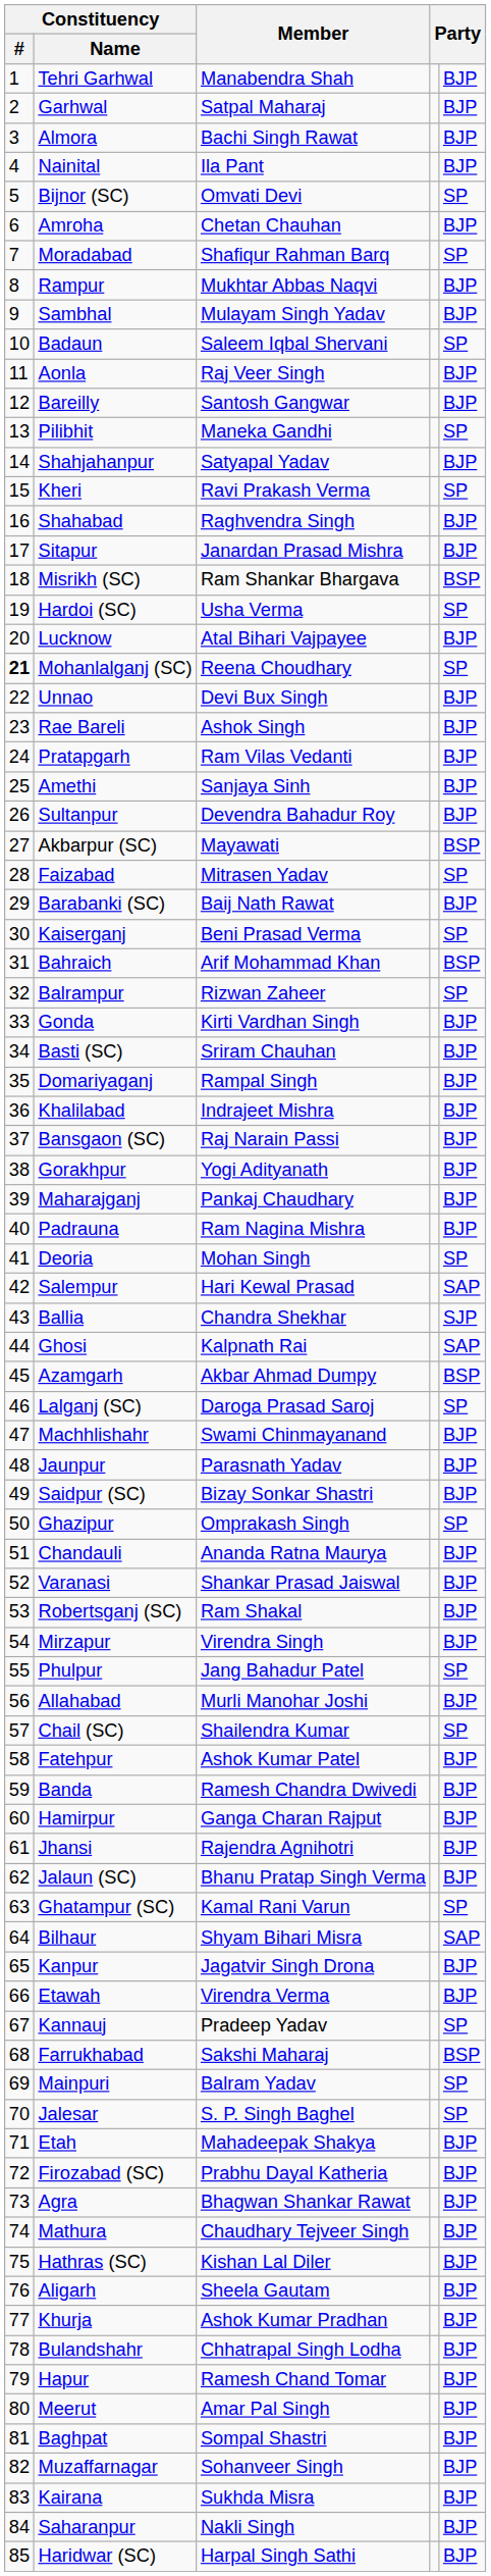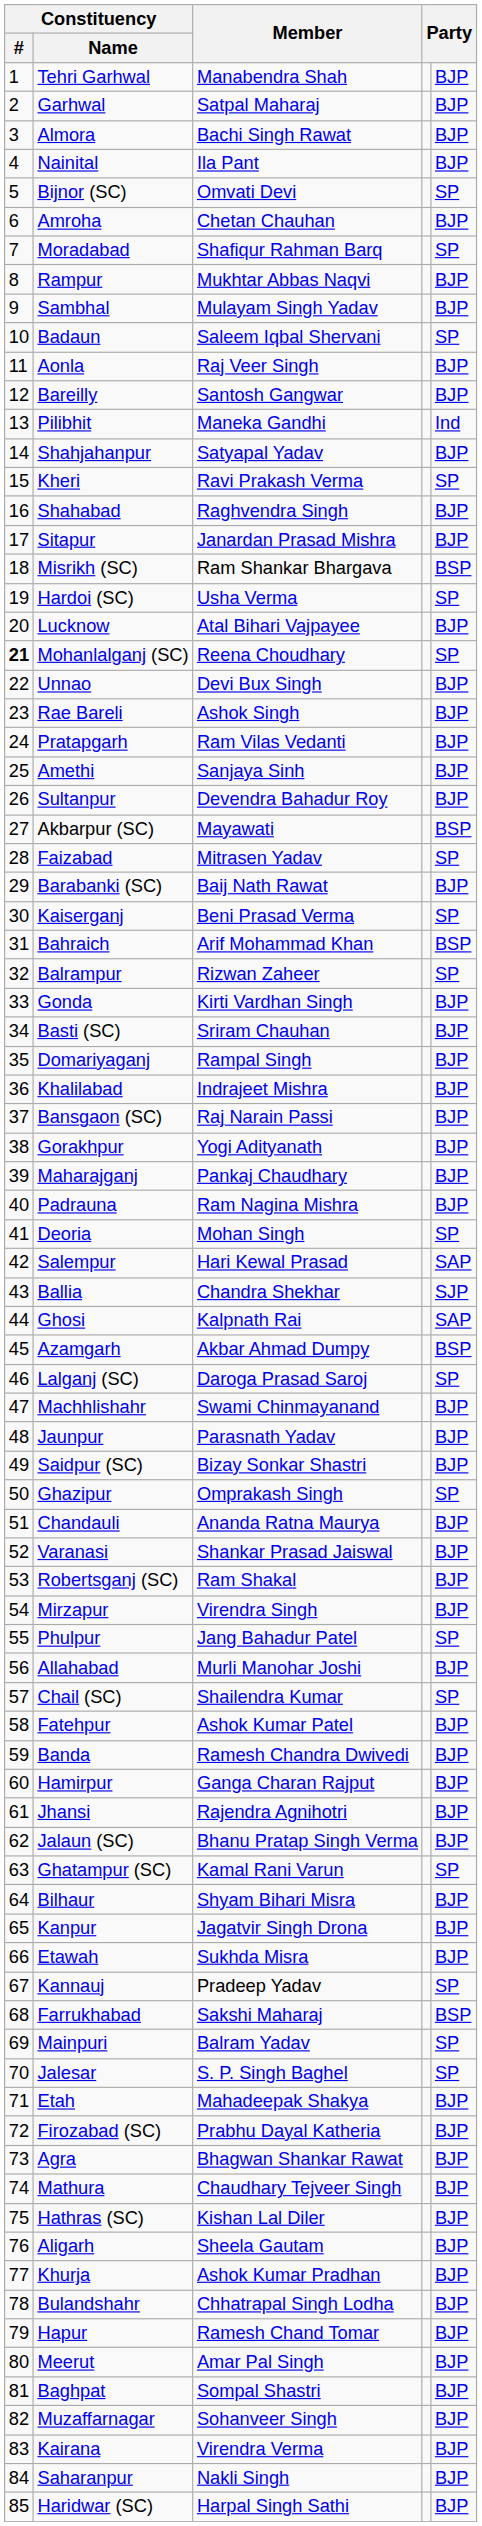 <table class="wikitable sortable">
 <tr>
 <th colspan="2">Constituency</th>
 <th rowspan="2">Member</th>
 <th colspan="2" rowspan="2">Party</th>
 </tr>
 <tr>
 <th>#</th>
 <th>Name</th>
 </tr>
 <tr>
 <td>1</td>
 <td><a href='#'>Tehri Garhwal</a></td>
 <td><a href='#'>Manabendra Shah</a></td>
 <td style="background-color: "></td>
 <td><a href='#'>BJP</a></td>
 </tr>
 <tr>
 <td>2</td>
 <td><a href='#'>Garhwal</a></td>
 <td><a href='#'>Satpal Maharaj</a></td>
 <td style="background-color: "></td>
 <td><a href='#'>BJP</a></td>
 </tr>
 <tr>
 <td>3</td>
 <td><a href='#'>Almora</a></td>
 <td><a href='#'>Bachi Singh Rawat</a></td>
 <td style="background-color: "></td>
 <td><a href='#'>BJP</a></td>
 </tr>
 <tr>
 <td>4</td>
 <td><a href='#'>Nainital</a></td>
 <td><a href='#'>Ila Pant</a></td>
 <td style="background-color: "></td>
 <td><a href='#'>BJP</a></td>
 </tr>
 <tr>
 <td>5</td>
 <td><a href='#'>Bijnor</a> (SC)</td>
 <td><a href='#'>Omvati Devi</a></td>
 <td style="background-color: "></td>
 <td><a href='#'>SP</a></td>
 </tr>
 <tr>
 <td>6</td>
 <td><a href='#'>Amroha</a></td>
 <td><a href='#'>Chetan Chauhan</a></td>
 <td style="background-color: "></td>
 <td><a href='#'>BJP</a></td>
 </tr>
 <tr>
 <td>7</td>
 <td><a href='#'>Moradabad</a></td>
 <td><a href='#'>Shafiqur Rahman Barq</a></td>
 <td style="background-color: "></td>
 <td><a href='#'>SP</a></td>
 </tr>
 <tr>
 <td>8</td>
 <td><a href='#'>Rampur</a></td>
 <td><a href='#'>Mukhtar Abbas Naqvi</a></td>
 <td style="background-color: "></td>
 <td><a href='#'>BJP</a></td>
 </tr>
 <tr>
 <td>9</td>
 <td><a href='#'>Sambhal</a></td>
 <td><a href='#'>Mulayam Singh Yadav</a></td>
 <td style="background-color: "></td>
 <td><a href='#'>BJP</a></td>
 </tr>
 <tr>
 <td>10</td>
 <td><a href='#'>Badaun</a></td>
 <td><a href='#'>Saleem Iqbal Shervani</a></td>
 <td style="background-color: "></td>
 <td><a href='#'>SP</a></td>
 </tr>
 <tr>
 <td>11</td>
 <td><a href='#'>Aonla</a></td>
 <td><a href='#'>Raj Veer Singh</a></td>
 <td style="background-color: "></td>
 <td><a href='#'>BJP</a></td>
 </tr>
 <tr>
 <td>12</td>
 <td><a href='#'>Bareilly</a></td>
 <td><a href='#'>Santosh Gangwar</a></td>
 <td style="background-color: "></td>
 <td><a href='#'>BJP</a></td>
 </tr>
 <tr>
 <td>13</td>
 <td><a href='#'>Pilibhit</a></td>
 <td><a href='#'>Maneka Gandhi</a></td>
 <td style="background-color: "></td>
-<td><a href='#'>SP</a></td>
+<td><a href='#'>Ind</a></td>
 </tr>
 <tr>
 <td>14</td>
 <td><a href='#'>Shahjahanpur</a></td>
 <td><a href='#'>Satyapal Yadav</a></td>
 <td style="background-color: "></td>
 <td><a href='#'>BJP</a></td>
 </tr>
 <tr>
 <td>15</td>
 <td><a href='#'>Kheri</a></td>
 <td><a href='#'>Ravi Prakash Verma</a></td>
 <td style="background-color: "></td>
 <td><a href='#'>SP</a></td>
 </tr>
 <tr>
 <td>16</td>
 <td><a href='#'>Shahabad</a></td>
 <td><a href='#'>Raghvendra Singh</a></td>
 <td style="background-color: "></td>
 <td><a href='#'>BJP</a></td>
 </tr>
 <tr>
 <td>17</td>
 <td><a href='#'>Sitapur</a></td>
 <td><a href='#'>Janardan Prasad Mishra</a></td>
 <td style="background-color: "></td>
 <td><a href='#'>BJP</a></td>
 </tr>
 <tr>
 <td>18</td>
 <td><a href='#'>Misrikh</a> (SC)</td>
 <td>Ram Shankar Bhargava</td>
 <td style="background-color: "></td>
 <td><a href='#'>BSP</a></td>
 </tr>
 <tr>
 <td>19</td>
 <td><a href='#'>Hardoi</a> (SC)</td>
 <td><a href='#'>Usha Verma</a></td>
 <td style="background-color: "></td>
 <td><a href='#'>SP</a></td>
 </tr>
 <tr>
 <td>20</td>
 <td><a href='#'>Lucknow</a></td>
 <td><a href='#'>Atal Bihari Vajpayee</a></td>
 <td style="background-color: "></td>
 <td><a href='#'>BJP</a></td>
 </tr>
 <tr>
 <td><strong>21</strong></td>
 <td><a href='#'>Mohanlalganj</a> (SC)</td>
 <td><a href='#'>Reena Choudhary</a></td>
 <td style="background-color: "></td>
 <td><a href='#'>SP</a></td>
 </tr>
 <tr>
 <td>22</td>
 <td><a href='#'>Unnao</a></td>
 <td><a href='#'>Devi Bux Singh</a></td>
 <td style="background-color: "></td>
 <td><a href='#'>BJP</a></td>
 </tr>
 <tr>
 <td>23</td>
 <td><a href='#'>Rae Bareli</a></td>
 <td><a href='#'>Ashok Singh</a></td>
 <td style="background-color: "></td>
 <td><a href='#'>BJP</a></td>
 </tr>
 <tr>
 <td>24</td>
 <td><a href='#'>Pratapgarh</a></td>
 <td><a href='#'>Ram Vilas Vedanti</a></td>
 <td style="background-color: "></td>
 <td><a href='#'>BJP</a></td>
 </tr>
 <tr>
 <td>25</td>
 <td><a href='#'>Amethi</a></td>
 <td><a href='#'>Sanjaya Sinh</a></td>
 <td style="background-color: "></td>
 <td><a href='#'>BJP</a></td>
 </tr>
 <tr>
 <td>26</td>
 <td><a href='#'>Sultanpur</a></td>
 <td><a href='#'>Devendra Bahadur Roy</a></td>
 <td style="background-color: "></td>
 <td><a href='#'>BJP</a></td>
 </tr>
 <tr>
 <td>27</td>
 <td>Akbarpur (SC)</td>
 <td><a href='#'>Mayawati</a></td>
 <td style="background-color: "></td>
 <td><a href='#'>BSP</a></td>
 </tr>
 <tr>
 <td>28</td>
 <td><a href='#'>Faizabad</a></td>
 <td><a href='#'>Mitrasen Yadav</a></td>
 <td style="background-color: "></td>
 <td><a href='#'>SP</a></td>
 </tr>
 <tr>
 <td>29</td>
 <td><a href='#'>Barabanki</a> (SC)</td>
 <td><a href='#'>Baij Nath Rawat</a></td>
 <td style="background-color: "></td>
 <td><a href='#'>BJP</a></td>
 </tr>
 <tr>
 <td>30</td>
 <td><a href='#'>Kaiserganj</a></td>
 <td><a href='#'>Beni Prasad Verma</a></td>
 <td style="background-color: "></td>
 <td><a href='#'>SP</a></td>
 </tr>
 <tr>
 <td>31</td>
 <td><a href='#'>Bahraich</a></td>
 <td><a href='#'>Arif Mohammad Khan</a></td>
 <td style="background-color: "></td>
 <td><a href='#'>BSP</a></td>
 </tr>
 <tr>
 <td>32</td>
 <td><a href='#'>Balrampur</a></td>
 <td><a href='#'>Rizwan Zaheer</a></td>
 <td style="background-color: "></td>
 <td><a href='#'>SP</a></td>
 </tr>
 <tr>
 <td>33</td>
 <td><a href='#'>Gonda</a></td>
 <td><a href='#'>Kirti Vardhan Singh</a></td>
 <td style="background-color: "></td>
 <td><a href='#'>BJP</a></td>
 </tr>
 <tr>
 <td>34</td>
 <td><a href='#'>Basti</a> (SC)</td>
 <td><a href='#'>Sriram Chauhan</a></td>
 <td style="background-color: "></td>
 <td><a href='#'>BJP</a></td>
 </tr>
 <tr>
 <td>35</td>
 <td><a href='#'>Domariyaganj</a></td>
 <td><a href='#'>Rampal Singh</a></td>
 <td style="background-color: "></td>
 <td><a href='#'>BJP</a></td>
 </tr>
 <tr>
 <td>36</td>
 <td><a href='#'>Khalilabad</a></td>
 <td><a href='#'>Indrajeet Mishra</a></td>
 <td style="background-color: "></td>
 <td><a href='#'>BJP</a></td>
 </tr>
 <tr>
 <td>37</td>
 <td><a href='#'>Bansgaon</a> (SC)</td>
 <td><a href='#'>Raj Narain Passi</a></td>
 <td style="background-color: "></td>
 <td><a href='#'>BJP</a></td>
 </tr>
 <tr>
 <td>38</td>
 <td><a href='#'>Gorakhpur</a></td>
 <td><a href='#'>Yogi Adityanath</a></td>
 <td style="background-color: "></td>
 <td><a href='#'>BJP</a></td>
 </tr>
 <tr>
 <td>39</td>
 <td><a href='#'>Maharajganj</a></td>
 <td><a href='#'>Pankaj Chaudhary</a></td>
 <td style="background-color: "></td>
 <td><a href='#'>BJP</a></td>
 </tr>
 <tr>
 <td>40</td>
 <td><a href='#'>Padrauna</a></td>
 <td><a href='#'>Ram Nagina Mishra</a></td>
 <td style="background-color: "></td>
 <td><a href='#'>BJP</a></td>
 </tr>
 <tr>
 <td>41</td>
 <td><a href='#'>Deoria</a></td>
 <td><a href='#'>Mohan Singh</a></td>
 <td style="background-color: "></td>
 <td><a href='#'>SP</a></td>
 </tr>
 <tr>
 <td>42</td>
 <td><a href='#'>Salempur</a></td>
 <td><a href='#'>Hari Kewal Prasad</a></td>
 <td style="background-color: "></td>
 <td><a href='#'>SAP</a></td>
 </tr>
 <tr>
 <td>43</td>
 <td><a href='#'>Ballia</a></td>
 <td><a href='#'>Chandra Shekhar</a></td>
 <td style="background-color: "></td>
 <td><a href='#'>SJP</a></td>
 </tr>
 <tr>
 <td>44</td>
 <td><a href='#'>Ghosi</a></td>
 <td><a href='#'>Kalpnath Rai</a></td>
 <td style="background-color: "></td>
 <td><a href='#'>SAP</a></td>
 </tr>
 <tr>
 <td>45</td>
 <td><a href='#'>Azamgarh</a></td>
 <td><a href='#'>Akbar Ahmad Dumpy</a></td>
 <td style="background-color: "></td>
 <td><a href='#'>BSP</a></td>
 </tr>
 <tr>
 <td>46</td>
 <td><a href='#'>Lalganj</a> (SC)</td>
 <td><a href='#'>Daroga Prasad Saroj</a></td>
 <td style="background-color: "></td>
 <td><a href='#'>SP</a></td>
 </tr>
 <tr>
 <td>47</td>
 <td><a href='#'>Machhlishahr</a></td>
 <td><a href='#'>Swami Chinmayanand</a></td>
 <td style="background-color: "></td>
 <td><a href='#'>BJP</a></td>
 </tr>
 <tr>
 <td>48</td>
 <td><a href='#'>Jaunpur</a></td>
 <td><a href='#'>Parasnath Yadav</a></td>
 <td style="background-color: "></td>
 <td><a href='#'>BJP</a></td>
 </tr>
 <tr>
 <td>49</td>
 <td><a href='#'>Saidpur</a> (SC)</td>
 <td><a href='#'>Bizay Sonkar Shastri</a></td>
 <td style="background-color: "></td>
 <td><a href='#'>BJP</a></td>
 </tr>
 <tr>
 <td>50</td>
 <td><a href='#'>Ghazipur</a></td>
 <td><a href='#'>Omprakash Singh</a></td>
 <td style="background-color: "></td>
 <td><a href='#'>SP</a></td>
 </tr>
 <tr>
 <td>51</td>
 <td><a href='#'>Chandauli</a></td>
 <td><a href='#'>Ananda Ratna Maurya</a></td>
 <td style="background-color: "></td>
 <td><a href='#'>BJP</a></td>
 </tr>
 <tr>
 <td>52</td>
 <td><a href='#'>Varanasi</a></td>
 <td><a href='#'>Shankar Prasad Jaiswal</a></td>
 <td style="background-color: "></td>
 <td><a href='#'>BJP</a></td>
 </tr>
 <tr>
 <td>53</td>
 <td><a href='#'>Robertsganj</a> (SC)</td>
 <td><a href='#'>Ram Shakal</a></td>
 <td style="background-color: "></td>
 <td><a href='#'>BJP</a></td>
 </tr>
 <tr>
 <td>54</td>
 <td><a href='#'>Mirzapur</a></td>
 <td><a href='#'>Virendra Singh</a></td>
 <td style="background-color: "></td>
 <td><a href='#'>BJP</a></td>
 </tr>
 <tr>
 <td>55</td>
 <td><a href='#'>Phulpur</a></td>
 <td><a href='#'>Jang Bahadur Patel</a></td>
 <td style="background-color: "></td>
 <td><a href='#'>SP</a></td>
 </tr>
 <tr>
 <td>56</td>
 <td><a href='#'>Allahabad</a></td>
 <td><a href='#'>Murli Manohar Joshi</a></td>
 <td style="background-color: "></td>
 <td><a href='#'>BJP</a></td>
 </tr>
 <tr>
 <td>57</td>
 <td><a href='#'>Chail</a> (SC)</td>
 <td><a href='#'>Shailendra Kumar</a></td>
 <td style="background-color: "></td>
 <td><a href='#'>SP</a></td>
 </tr>
 <tr>
 <td>58</td>
 <td><a href='#'>Fatehpur</a></td>
 <td><a href='#'>Ashok Kumar Patel</a></td>
 <td style="background-color: "></td>
 <td><a href='#'>BJP</a></td>
 </tr>
 <tr>
 <td>59</td>
 <td><a href='#'>Banda</a></td>
 <td><a href='#'>Ramesh Chandra Dwivedi</a></td>
 <td style="background-color: "></td>
 <td><a href='#'>BJP</a></td>
 </tr>
 <tr>
 <td>60</td>
 <td><a href='#'>Hamirpur</a></td>
 <td><a href='#'>Ganga Charan Rajput</a></td>
 <td style="background-color: "></td>
 <td><a href='#'>BJP</a></td>
 </tr>
 <tr>
 <td>61</td>
 <td><a href='#'>Jhansi</a></td>
 <td><a href='#'>Rajendra Agnihotri</a></td>
 <td style="background-color: "></td>
 <td><a href='#'>BJP</a></td>
 </tr>
 <tr>
 <td>62</td>
 <td><a href='#'>Jalaun</a> (SC)</td>
 <td><a href='#'>Bhanu Pratap Singh Verma</a></td>
 <td style="background-color: "></td>
 <td><a href='#'>BJP</a></td>
 </tr>
 <tr>
 <td>63</td>
 <td><a href='#'>Ghatampur</a> (SC)</td>
 <td><a href='#'>Kamal Rani Varun</a></td>
 <td style="background-color: "></td>
 <td><a href='#'>SP</a></td>
 </tr>
 <tr>
 <td>64</td>
 <td><a href='#'>Bilhaur</a></td>
 <td><a href='#'>Shyam Bihari Misra</a></td>
 <td style="background-color: "></td>
-<td><a href='#'>SAP</a></td>
+<td><a href='#'>BJP</a></td>
 </tr>
 <tr>
 <td>65</td>
 <td><a href='#'>Kanpur</a></td>
 <td><a href='#'>Jagatvir Singh Drona</a></td>
 <td style="background-color: "></td>
 <td><a href='#'>BJP</a></td>
 </tr>
 <tr>
 <td>66</td>
 <td><a href='#'>Etawah</a></td>
-<td><a href='#'>Virendra Verma</a></td>
+<td><a href='#'>Sukhda Misra</a></td>
 <td style="background-color: "></td>
 <td><a href='#'>BJP</a></td>
 </tr>
 <tr>
 <td>67</td>
 <td><a href='#'>Kannauj</a></td>
 <td>Pradeep Yadav</td>
 <td style="background-color: "></td>
 <td><a href='#'>SP</a></td>
 </tr>
 <tr>
 <td>68</td>
 <td><a href='#'>Farrukhabad</a></td>
 <td><a href='#'>Sakshi Maharaj</a></td>
 <td style="background-color: "></td>
 <td><a href='#'>BSP</a></td>
 </tr>
 <tr>
 <td>69</td>
 <td><a href='#'>Mainpuri</a></td>
 <td><a href='#'>Balram Yadav</a></td>
 <td style="background-color: "></td>
 <td><a href='#'>SP</a></td>
 </tr>
 <tr>
 <td>70</td>
 <td><a href='#'>Jalesar</a></td>
 <td><a href='#'>S. P. Singh Baghel</a></td>
 <td style="background-color: "></td>
 <td><a href='#'>SP</a></td>
 </tr>
 <tr>
 <td>71</td>
 <td><a href='#'>Etah</a></td>
 <td><a href='#'>Mahadeepak Shakya</a></td>
 <td style="background-color: "></td>
 <td><a href='#'>BJP</a></td>
 </tr>
 <tr>
 <td>72</td>
 <td><a href='#'>Firozabad</a> (SC)</td>
 <td><a href='#'>Prabhu Dayal Katheria</a></td>
 <td style="background-color: "></td>
 <td><a href='#'>BJP</a></td>
 </tr>
 <tr>
 <td>73</td>
 <td><a href='#'>Agra</a></td>
 <td><a href='#'>Bhagwan Shankar Rawat</a></td>
 <td style="background-color: "></td>
 <td><a href='#'>BJP</a></td>
 </tr>
 <tr>
 <td>74</td>
 <td><a href='#'>Mathura</a></td>
 <td><a href='#'>Chaudhary Tejveer Singh</a></td>
 <td style="background-color: "></td>
 <td><a href='#'>BJP</a></td>
 </tr>
 <tr>
 <td>75</td>
 <td><a href='#'>Hathras</a> (SC)</td>
 <td><a href='#'>Kishan Lal Diler</a></td>
 <td style="background-color: "></td>
 <td><a href='#'>BJP</a></td>
 </tr>
 <tr>
 <td>76</td>
 <td><a href='#'>Aligarh</a></td>
 <td><a href='#'>Sheela Gautam</a></td>
 <td style="background-color: "></td>
 <td><a href='#'>BJP</a></td>
 </tr>
 <tr>
 <td>77</td>
 <td><a href='#'>Khurja</a></td>
 <td><a href='#'>Ashok Kumar Pradhan</a></td>
 <td style="background-color: "></td>
 <td><a href='#'>BJP</a></td>
 </tr>
 <tr>
 <td>78</td>
 <td><a href='#'>Bulandshahr</a></td>
 <td><a href='#'>Chhatrapal Singh Lodha</a></td>
 <td style="background-color: "></td>
 <td><a href='#'>BJP</a></td>
 </tr>
 <tr>
 <td>79</td>
 <td><a href='#'>Hapur</a></td>
 <td><a href='#'>Ramesh Chand Tomar</a></td>
 <td style="background-color: "></td>
 <td><a href='#'>BJP</a></td>
 </tr>
 <tr>
 <td>80</td>
 <td><a href='#'>Meerut</a></td>
 <td><a href='#'>Amar Pal Singh</a></td>
 <td style="background-color: "></td>
 <td><a href='#'>BJP</a></td>
 </tr>
 <tr>
 <td>81</td>
 <td><a href='#'>Baghpat</a></td>
 <td><a href='#'>Sompal Shastri</a></td>
 <td style="background-color: "></td>
 <td><a href='#'>BJP</a></td>
 </tr>
 <tr>
 <td>82</td>
 <td><a href='#'>Muzaffarnagar</a></td>
 <td><a href='#'>Sohanveer Singh</a></td>
 <td style="background-color: "></td>
 <td><a href='#'>BJP</a></td>
 </tr>
 <tr>
 <td>83</td>
 <td><a href='#'>Kairana</a></td>
-<td><a href='#'>Sukhda Misra</a></td>
+<td><a href='#'>Virendra Verma</a></td>
 <td style="background-color: "></td>
 <td><a href='#'>BJP</a></td>
 </tr>
 <tr>
 <td>84</td>
 <td><a href='#'>Saharanpur</a></td>
 <td><a href='#'>Nakli Singh</a></td>
 <td style="background-color: "></td>
 <td><a href='#'>BJP</a></td>
 </tr>
 <tr>
 <td>85</td>
 <td><a href='#'>Haridwar</a> (SC)</td>
 <td><a href='#'>Harpal Singh Sathi</a></td>
 <td style="background-color: "></td>
 <td><a href='#'>BJP</a></td>
 </tr>
 </table>
